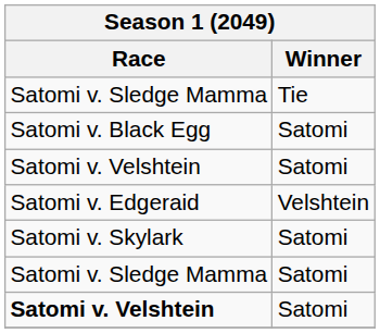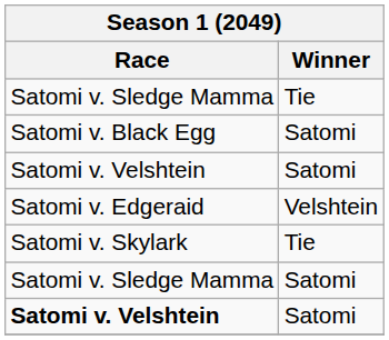 <table class="wikitable">
 <tr>
 <th colspan="2">Season 1 (2049)</th>
 </tr>
 <tr>
 <th>Race</th>
 <th>Winner</th>
 </tr>
 <tr>
 <td>Satomi v. Sledge Mamma</td>
 <td>Tie</td>
 </tr>
 <tr>
 <td>Satomi v. Black Egg</td>
 <td>Satomi</td>
 </tr>
 <tr>
 <td>Satomi v. Velshtein</td>
 <td>Satomi</td>
 </tr>
 <tr>
 <td>Satomi v. Edgeraid</td>
 <td>Velshtein</td>
 </tr>
 <tr>
 <td>Satomi v. Skylark</td>
-<td>Satomi</td>
+<td>Tie</td>
 </tr>
 <tr>
 <td>Satomi v. Sledge Mamma</td>
 <td>Satomi</td>
 </tr>
 <tr>
 <td><strong>Satomi v. Velshtein</strong></td>
 <td>Satomi</td>
 </tr>
 <tr>
 </tr>
 </table>
